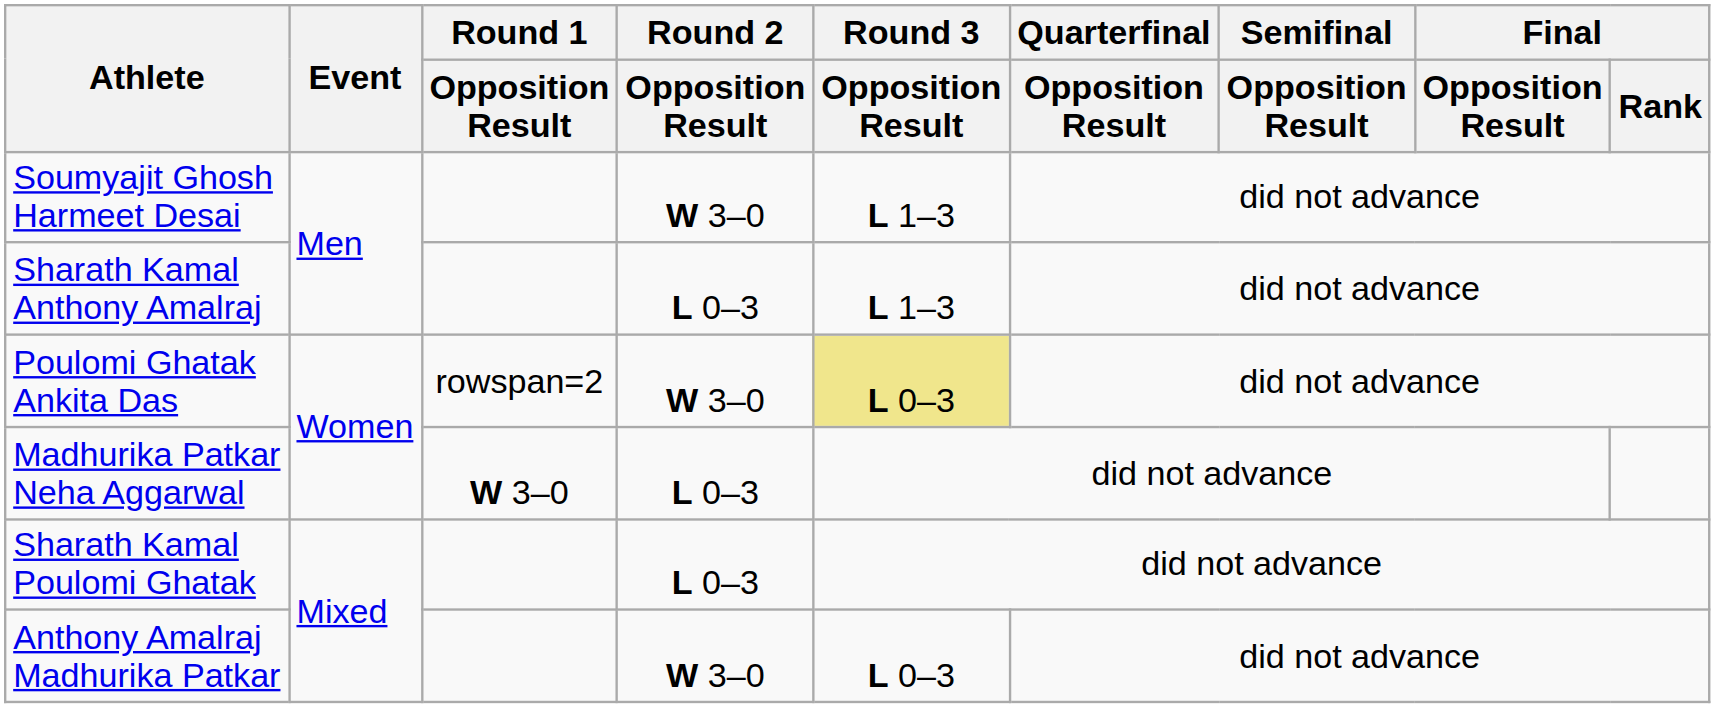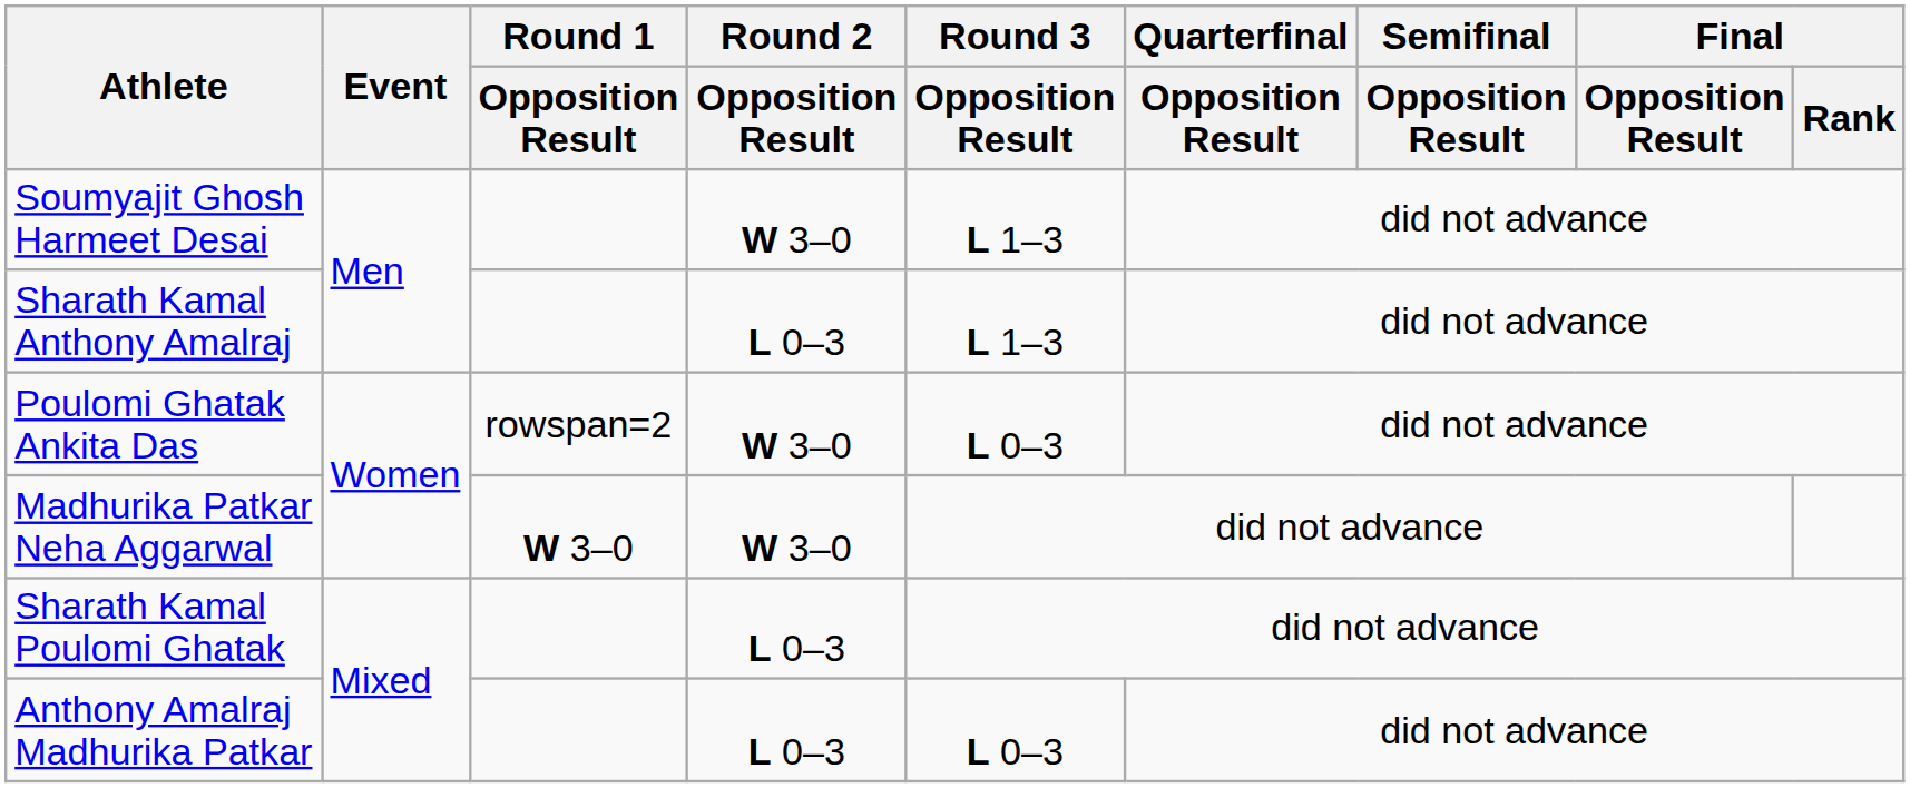 <table class=wikitable style="text-align:center; font-size:90%">
 <tr>
 <th rowspan=2>Athlete</th>
 <th rowspan=2>Event</th>
 <th>Round 1</th>
 <th>Round 2</th>
 <th>Round 3</th>
 <th>Quarterfinal</th>
 <th>Semifinal</th>
 <th colspan=2>Final</th>
 </tr>
 <tr>
 <th>Opposition<br>Result</th>
 <th>Opposition<br>Result</th>
 <th>Opposition<br>Result</th>
 <th>Opposition<br>Result</th>
 <th>Opposition<br>Result</th>
 <th>Opposition<br>Result</th>
 <th>Rank</th>
 </tr>
 <tr>
 <td align=left><a href='#'>Soumyajit Ghosh</a><br><a href='#'>Harmeet Desai</a></td>
 <td align=left rowspan=2><a href='#'>Men</a></td>
 <td></td>
 <td><br><strong>W</strong> 3–0</td>
 <td><br><strong>L</strong> 1–3</td>
 <td colspan=4>did not advance</td>
 </tr>
 <tr>
 <td align=left><a href='#'>Sharath Kamal</a><br><a href='#'>Anthony Amalraj</a></td>
 <td></td>
 <td><br><strong>L</strong> 0–3</td>
 <td><br><strong>L</strong> 1–3</td>
 <td colspan=4>did not advance</td>
 </tr>
 <tr>
 <td align=left><a href='#'>Poulomi Ghatak</a><br><a href='#'>Ankita Das</a></td>
 <td align=left rowspan=2><a href='#'>Women</a></td>
 <td>rowspan=2 </td>
 <td><br><strong>W</strong> 3–0</td>
-<td style="background: khaki;"><br><strong>L</strong> 0–3</td>
+<td><br><strong>L</strong> 0–3</td>
 <td colspan=4>did not advance</td>
 </tr>
 <tr>
 <td align=left><a href='#'>Madhurika Patkar</a><br><a href='#'>Neha Aggarwal</a></td>
 <td><br><strong>W</strong> 3–0</td>
-<td><br><strong>L</strong> 0–3</td>
+<td><br><strong>W</strong> 3–0</td>
 <td colspan=4>did not advance</td>
 </tr>
 <tr>
 <td align=left><a href='#'>Sharath Kamal</a><br><a href='#'>Poulomi Ghatak</a></td>
 <td align=left rowspan=2><a href='#'>Mixed</a></td>
 <td></td>
 <td><br><strong>L</strong> 0–3</td>
 <td colspan=5>did not advance</td>
 </tr>
 <tr>
 <td align=left><a href='#'>Anthony Amalraj</a><br><a href='#'>Madhurika Patkar</a></td>
 <td></td>
-<td><br><strong>W</strong> 3–0</td>
+<td><br><strong>L</strong> 0–3</td>
 <td><br><strong>L</strong> 0–3</td>
 <td colspan=4>did not advance</td>
 </tr>
 </table>
